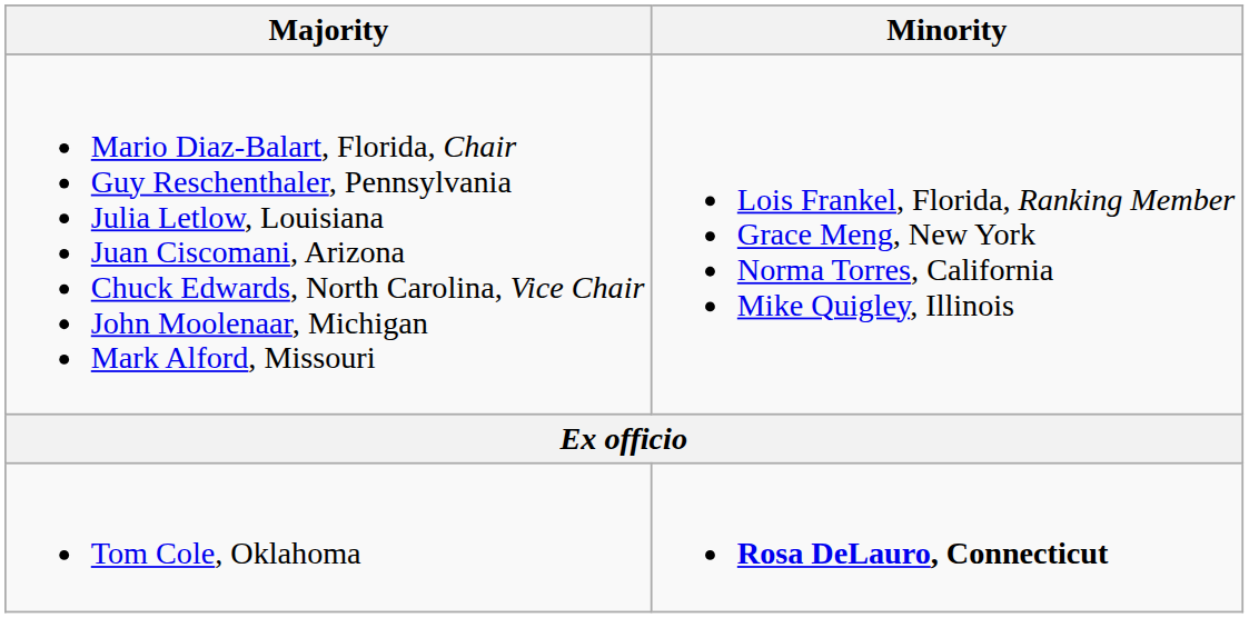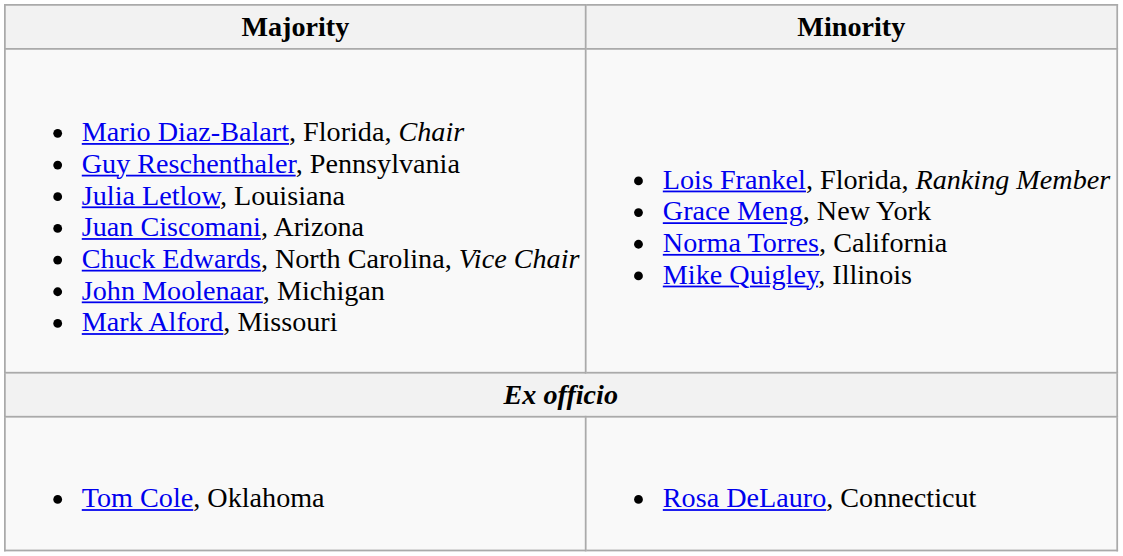 <table class=wikitable>
 <tr>
 <th>Majority</th>
 <th>Minority</th>
 </tr>
 <tr>
 <td><br><ul><li><a href='#'>Mario Diaz-Balart</a>, Florida, <em>Chair</em></li><li><a href='#'>Guy Reschenthaler</a>, Pennsylvania</li><li><a href='#'>Julia Letlow</a>, Louisiana</li><li><a href='#'>Juan Ciscomani</a>, Arizona</li><li><a href='#'>Chuck Edwards</a>, North Carolina, <em>Vice Chair</em></li><li><a href='#'>John Moolenaar</a>, Michigan</li><li><a href='#'>Mark Alford</a>, Missouri</li></ul></td>
 <td><br><ul><li><a href='#'>Lois Frankel</a>, Florida, <em>Ranking Member</em></li><li><a href='#'>Grace Meng</a>, New York</li><li><a href='#'>Norma Torres</a>, California</li><li><a href='#'>Mike Quigley</a>, Illinois</li></ul></td>
 </tr>
 <tr>
 <th colspan=2><em>Ex officio</em></th>
 </tr>
 <tr>
 <td><br><ul><li><a href='#'>Tom Cole</a>, Oklahoma</li></ul></td>
-<td><strong><br><ul><li><a href='#'>Rosa DeLauro</a>, Connecticut</li></ul></strong></td>
+<td><br><ul><li><a href='#'>Rosa DeLauro</a>, Connecticut</li></ul></td>
 </tr>
 </table>
